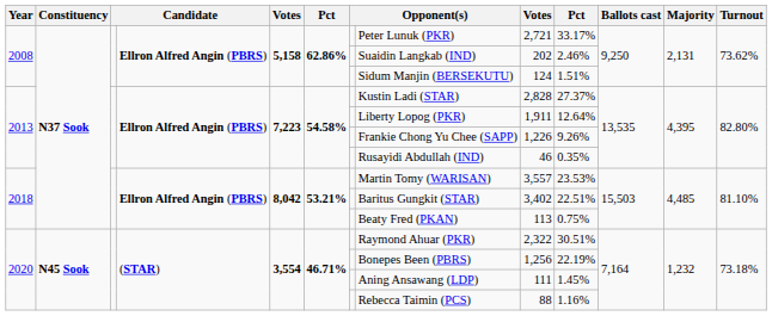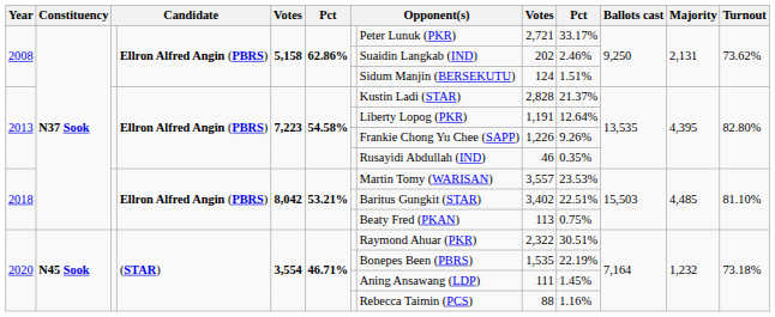 <table class="wikitable" style="margin:0.5em ; font-size:95%">
 <tr>
 <th>Year</th>
 <th>Constituency</th>
 <th colspan=2>Candidate</th>
 <th>Votes</th>
 <th>Pct</th>
 <th colspan=2>Opponent(s)</th>
 <th>Votes</th>
 <th>Pct</th>
 <th>Ballots cast</th>
 <th>Majority</th>
 <th>Turnout</th>
 </tr>
 <tr>
 <td rowspan=3><a href='#'>2008</a></td>
 <td rowspan=10><strong>N37 <a href='#'>Sook</a></strong></td>
 <td rowspan=3 ></td>
 <td rowspan=3><strong>Ellron Alfred Angin</strong> (<strong><a href='#'>PBRS</a></strong>)</td>
 <td rowspan=3 align="right"><strong>5,158</strong></td>
 <td rowspan=3><strong>62.86%</strong></td>
 <td></td>
 <td>Peter Lunuk (<a href='#'>PKR</a>)</td>
 <td align="right">2,721</td>
 <td>33.17%</td>
 <td rowspan=3>9,250</td>
 <td rowspan=3>2,131</td>
 <td rowspan=3>73.62%</td>
 </tr>
 <tr>
 <td></td>
 <td>Suaidin Langkab (<a href='#'>IND</a>)</td>
 <td align="right">202</td>
 <td>2.46%</td>
 </tr>
 <tr>
 <td></td>
 <td>Sidum Manjin (<a href='#'>BERSEKUTU</a>)</td>
 <td align="right">124</td>
 <td>1.51%</td>
 </tr>
 <tr>
 <td rowspan=4><a href='#'>2013</a></td>
 <td rowspan=4 ></td>
 <td rowspan=4><strong>Ellron Alfred Angin</strong> (<strong><a href='#'>PBRS</a></strong>)</td>
 <td rowspan=4 align="right"><strong>7,223</strong></td>
 <td rowspan=4><strong>54.58%</strong></td>
 <td></td>
 <td>Kustin Ladi (<a href='#'>STAR</a>)</td>
 <td align="right">2,828</td>
-<td>27.37%</td>
+<td>21.37%</td>
 <td rowspan=4>13,535</td>
 <td rowspan=4>4,395</td>
 <td rowspan=4>82.80%</td>
 </tr>
 <tr>
 <td></td>
 <td>Liberty Lopog (<a href='#'>PKR</a>)</td>
-<td align="right">1,911</td>
+<td align="right">1,191</td>
 <td>12.64%</td>
 </tr>
 <tr>
 <td></td>
 <td>Frankie Chong Yu Chee (<a href='#'>SAPP</a>)</td>
 <td align="right">1,226</td>
 <td>9.26%</td>
 </tr>
 <tr>
 <td></td>
 <td>Rusayidi Abdullah (<a href='#'>IND</a>)</td>
 <td align="right">46</td>
 <td>0.35%</td>
 </tr>
 <tr>
 <td rowspan=3><a href='#'>2018</a></td>
 <td rowspan=3 ></td>
 <td rowspan=3><strong>Ellron Alfred Angin</strong> (<strong><a href='#'>PBRS</a></strong>)</td>
 <td rowspan=3 align="right"><strong>8,042</strong></td>
 <td rowspan=3><strong>53.21%</strong></td>
 <td></td>
 <td>Martin Tomy (<a href='#'>WARISAN</a>)</td>
 <td align="right">3,557</td>
 <td>23.53%</td>
 <td rowspan=3>15,503</td>
 <td rowspan=3>4,485</td>
 <td rowspan=3>81.10%</td>
 </tr>
 <tr>
 <td></td>
 <td>Baritus Gungkit (<a href='#'>STAR</a>)</td>
 <td align="right">3,402</td>
 <td>22.51%</td>
 </tr>
 <tr>
 <td></td>
 <td>Beaty Fred (<a href='#'>PKAN</a>)</td>
 <td align="right">113</td>
 <td>0.75%</td>
 </tr>
 <tr>
 <td rowspan=4><a href='#'>2020</a></td>
 <td rowspan=4><strong>N45 <a href='#'>Sook</a></strong></td>
 <td rowspan=4 ></td>
 <td rowspan=4> (<a href='#'><strong>STAR</strong></a>)</td>
 <td rowspan=4 align="right"><strong>3,554</strong></td>
 <td rowspan=4><strong>46.71%</strong></td>
 <td></td>
 <td>Raymond Ahuar (<a href='#'>PKR</a>)</td>
 <td align="right">2,322</td>
 <td>30.51%</td>
 <td rowspan=4>7,164</td>
 <td rowspan=4>1,232</td>
 <td rowspan=4>73.18%</td>
 </tr>
 <tr>
 <td></td>
 <td>Bonepes Been (<a href='#'>PBRS</a>)</td>
-<td align="right">1,256</td>
+<td align="right">1,535</td>
 <td>22.19%</td>
 </tr>
 <tr>
 <td></td>
 <td>Aning Ansawang (<a href='#'>LDP</a>)</td>
 <td align="right">111</td>
 <td>1.45%</td>
 </tr>
 <tr>
 <td></td>
 <td>Rebecca Taimin (<a href='#'>PCS</a>)</td>
 <td align="right">88</td>
 <td>1.16%</td>
 </tr>
 </table>
